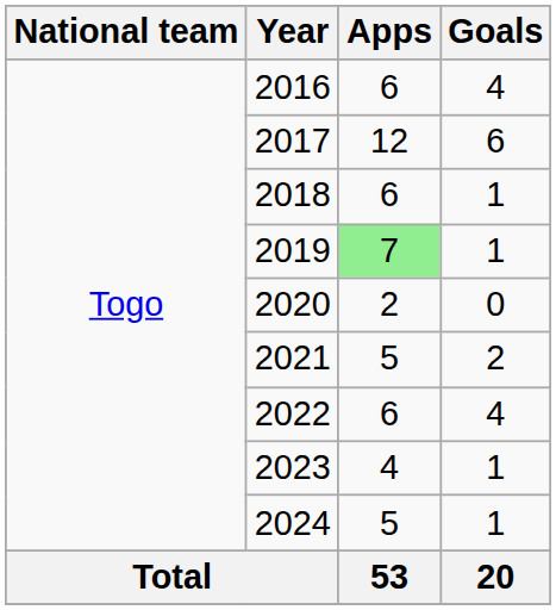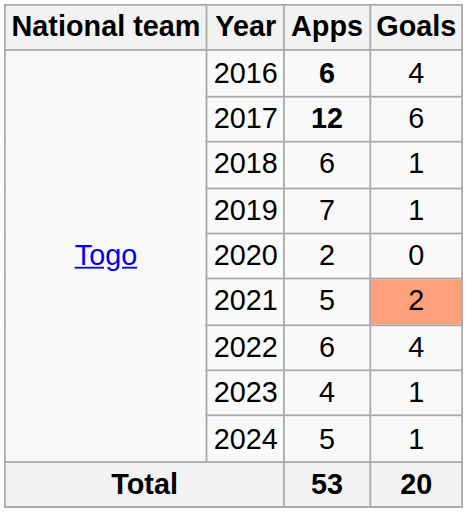 <table class="wikitable" style="text-align:center">
 <tr>
 <th>National team</th>
 <th>Year</th>
 <th>Apps</th>
 <th>Goals</th>
 </tr>
 <tr>
 <td rowspan="9"><a href='#'>Togo</a></td>
 <td>2016</td>
-<td>6</td>
+<td><strong>6</strong></td>
 <td>4</td>
 </tr>
 <tr>
 <td>2017</td>
-<td>12</td>
+<td><strong>12</strong></td>
 <td>6</td>
 </tr>
 <tr>
 <td>2018</td>
 <td>6</td>
 <td>1</td>
 </tr>
 <tr>
 <td>2019</td>
-<td style="background: lightgreen;">7</td>
+<td>7</td>
 <td>1</td>
 </tr>
 <tr>
 <td>2020</td>
 <td>2</td>
 <td>0</td>
 </tr>
 <tr>
 <td>2021</td>
 <td>5</td>
-<td>2</td>
+<td style="background: lightsalmon;">2</td>
 </tr>
 <tr>
 <td>2022</td>
 <td>6</td>
 <td>4</td>
 </tr>
 <tr>
 <td>2023</td>
 <td>4</td>
 <td>1</td>
 </tr>
 <tr>
 <td>2024</td>
 <td>5</td>
 <td>1</td>
 </tr>
 <tr>
 <th colspan="2">Total</th>
 <th>53</th>
 <th>20</th>
 </tr>
 <tr>
 </tr>
 </table>
